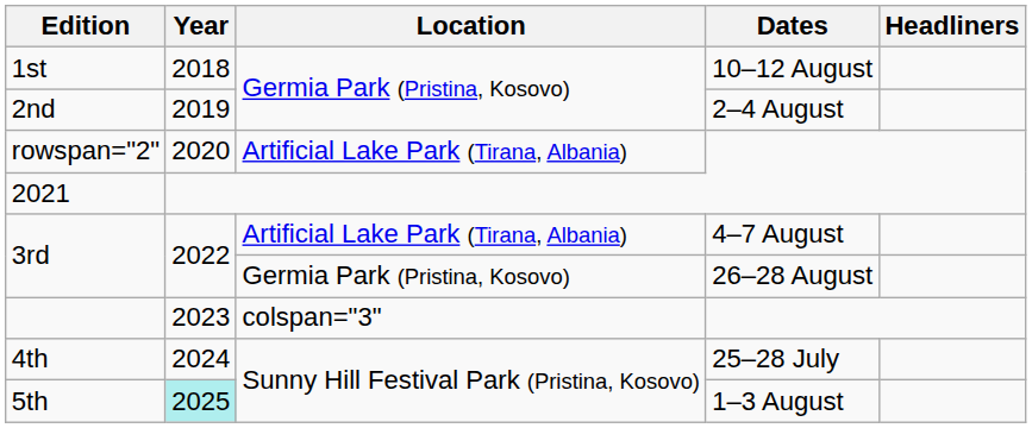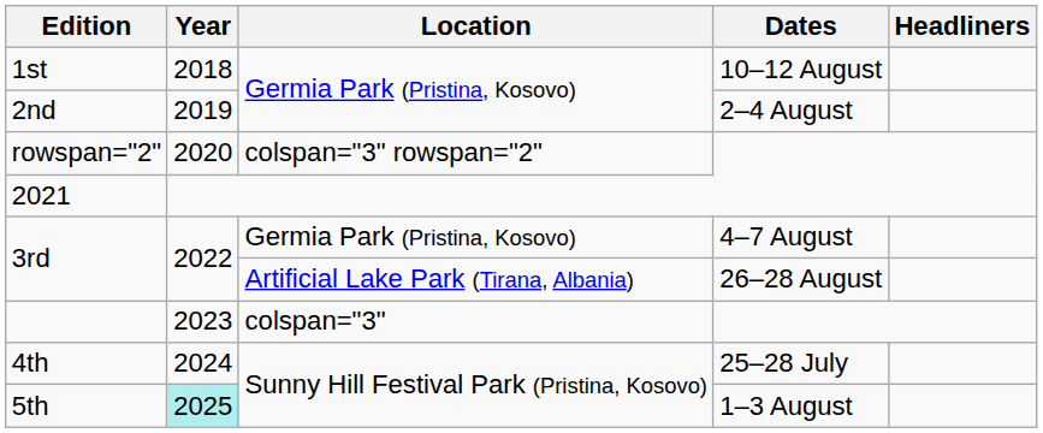 <table class="wikitable">
 <tr>
 <th>Edition</th>
 <th>Year</th>
 <th>Location</th>
 <th>Dates</th>
 <th>Headliners</th>
 </tr>
 <tr>
 <td>1st</td>
 <td>2018</td>
 <td rowspan="2"><a href='#'>Germia Park</a> <small>(<a href='#'>Pristina</a>, Kosovo)</small></td>
 <td>10–12 August</td>
 <td></td>
 </tr>
 <tr>
 <td>2nd</td>
 <td>2019</td>
 <td>2–4 August</td>
 <td></td>
 </tr>
 <tr>
 <td>rowspan="2" </td>
 <td>2020</td>
-<td><a href='#'>Artificial Lake Park</a> <small>(<a href='#'>Tirana</a>, <a href='#'>Albania</a>)</small></td>
+<td>colspan="3" rowspan="2" </td>
 </tr>
 <tr>
 <td>2021</td>
 </tr>
 <tr>
 <td rowspan="2">3rd</td>
 <td rowspan="2">2022</td>
-<td><a href='#'>Artificial Lake Park</a> <small>(<a href='#'>Tirana</a>, <a href='#'>Albania</a>)</small></td>
+<td>Germia Park <small>(Pristina, Kosovo)</small></td>
 <td>4–7 August</td>
 <td></td>
 </tr>
 <tr>
-<td>Germia Park <small>(Pristina, Kosovo)</small></td>
+<td><a href='#'>Artificial Lake Park</a> <small>(<a href='#'>Tirana</a>, <a href='#'>Albania</a>)</small></td>
 <td>26–28 August</td>
 <td></td>
 </tr>
 <tr>
 <td></td>
 <td>2023</td>
 <td>colspan="3" </td>
 </tr>
 <tr>
 <td>4th</td>
 <td>2024</td>
 <td rowspan="2">Sunny Hill Festival Park <small>(Pristina, Kosovo)</small></td>
 <td>25–28 July</td>
 <td></td>
 </tr>
 <tr>
 <td>5th</td>
 <td style="background: paleturquoise;">2025</td>
 <td>1–3 August</td>
 <td></td>
 </tr>
 </table>
